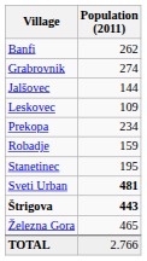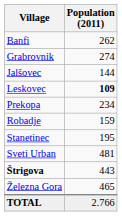 <table class="sortable wikitable" style="text-align:right">
 <tr>
 <th>Village</th>
 <th>Population<br>(2011)</th>
 </tr>
 <tr>
 <td style="text-align:left"><a href='#'>Banfi</a></td>
 <td>262</td>
 </tr>
 <tr>
 <td style="text-align:left"><a href='#'>Grabrovnik</a></td>
 <td>274</td>
 </tr>
 <tr>
 <td style="text-align:left"><a href='#'>Jalšovec</a></td>
 <td>144</td>
 </tr>
 <tr>
 <td style="text-align:left"><a href='#'>Leskovec</a></td>
-<td>109</td>
+<td><strong>109</strong></td>
 </tr>
 <tr>
 <td style="text-align:left"><a href='#'>Prekopa</a></td>
 <td>234</td>
 </tr>
 <tr>
 <td style="text-align:left"><a href='#'>Robadje</a></td>
 <td>159</td>
 </tr>
 <tr>
 <td style="text-align:left"><a href='#'>Stanetinec</a></td>
 <td>195</td>
 </tr>
 <tr>
 <td style="text-align:left"><a href='#'>Sveti Urban</a></td>
-<td><strong>481</strong></td>
+<td>481</td>
 </tr>
 <tr>
 <td style="text-align:left"><strong>Štrigova</strong></td>
-<td><strong>443</strong></td>
+<td>443</td>
 </tr>
 <tr>
 <td style="text-align:left"><a href='#'>Železna Gora</a></td>
 <td>465</td>
 </tr>
 <tr>
 </tr>
 <tr class="sortbottom">
 <td style="text-align:left; background: #efefef; border-top: 2px solid gray;"><strong>TOTAL</strong></td>
 <td style="background:#efefef; border-top:2px solid gray;">2.766</td>
 </tr>
 </table>
